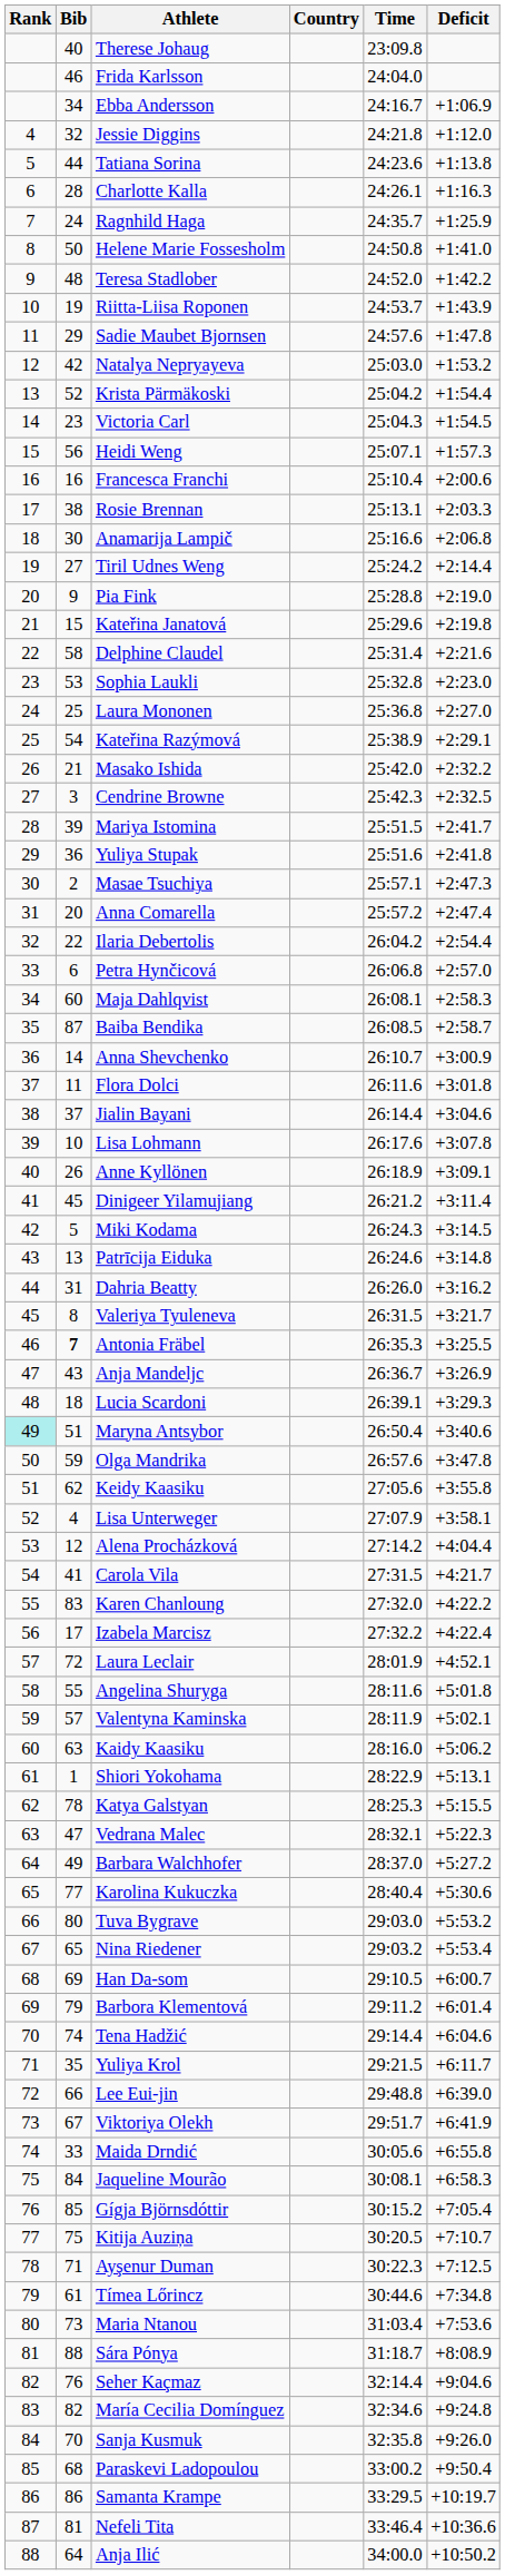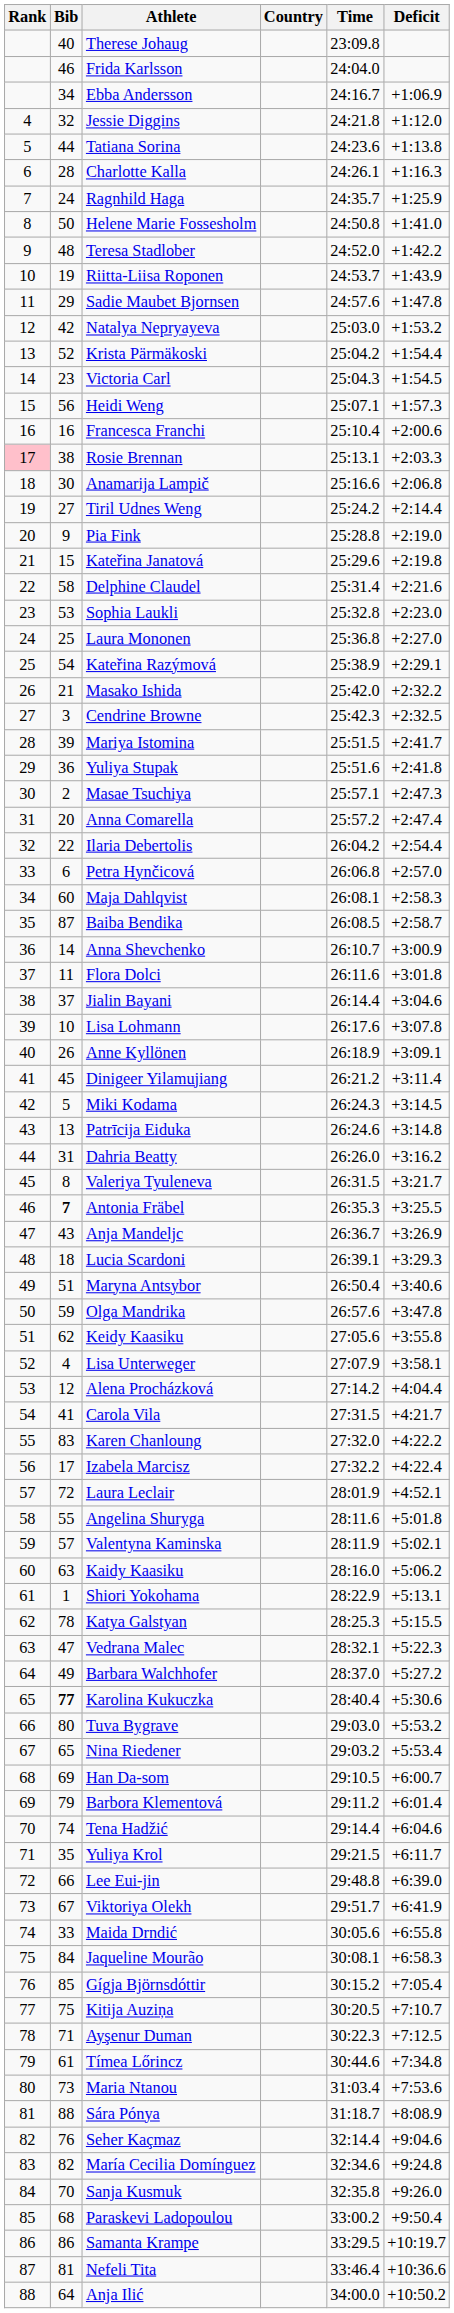 <table class="wikitable sortable" style="text-align:center">
 <tr>
 <th>Rank</th>
 <th>Bib</th>
 <th>Athlete</th>
 <th>Country</th>
 <th>Time</th>
 <th>Deficit</th>
 </tr>
 <tr>
 <td></td>
 <td>40</td>
 <td align=left><a href='#'>Therese Johaug</a></td>
 <td align=left></td>
 <td>23:09.8</td>
 <td></td>
 </tr>
 <tr>
 <td></td>
 <td>46</td>
 <td align=left><a href='#'>Frida Karlsson</a></td>
 <td align=left></td>
 <td>24:04.0</td>
 <td></td>
 </tr>
 <tr>
 <td></td>
 <td>34</td>
 <td align=left><a href='#'>Ebba Andersson</a></td>
 <td align=left></td>
 <td>24:16.7</td>
 <td>+1:06.9</td>
 </tr>
 <tr>
 <td>4</td>
 <td>32</td>
 <td align=left><a href='#'>Jessie Diggins</a></td>
 <td align=left></td>
 <td>24:21.8</td>
 <td>+1:12.0</td>
 </tr>
 <tr>
 <td>5</td>
 <td>44</td>
 <td align=left><a href='#'>Tatiana Sorina</a></td>
 <td align=left></td>
 <td>24:23.6</td>
 <td>+1:13.8</td>
 </tr>
 <tr>
 <td>6</td>
 <td>28</td>
 <td align=left><a href='#'>Charlotte Kalla</a></td>
 <td align=left></td>
 <td>24:26.1</td>
 <td>+1:16.3</td>
 </tr>
 <tr>
 <td>7</td>
 <td>24</td>
 <td align=left><a href='#'>Ragnhild Haga</a></td>
 <td align=left></td>
 <td>24:35.7</td>
 <td>+1:25.9</td>
 </tr>
 <tr>
 <td>8</td>
 <td>50</td>
 <td align=left><a href='#'>Helene Marie Fossesholm</a></td>
 <td align=left></td>
 <td>24:50.8</td>
 <td>+1:41.0</td>
 </tr>
 <tr>
 <td>9</td>
 <td>48</td>
 <td align=left><a href='#'>Teresa Stadlober</a></td>
 <td align=left></td>
 <td>24:52.0</td>
 <td>+1:42.2</td>
 </tr>
 <tr>
 <td>10</td>
 <td>19</td>
 <td align=left><a href='#'>Riitta-Liisa Roponen</a></td>
 <td align=left></td>
 <td>24:53.7</td>
 <td>+1:43.9</td>
 </tr>
 <tr>
 <td>11</td>
 <td>29</td>
 <td align=left><a href='#'>Sadie Maubet Bjornsen</a></td>
 <td align=left></td>
 <td>24:57.6</td>
 <td>+1:47.8</td>
 </tr>
 <tr>
 <td>12</td>
 <td>42</td>
 <td align=left><a href='#'>Natalya Nepryayeva</a></td>
 <td align=left></td>
 <td>25:03.0</td>
 <td>+1:53.2</td>
 </tr>
 <tr>
 <td>13</td>
 <td>52</td>
 <td align=left><a href='#'>Krista Pärmäkoski</a></td>
 <td align=left></td>
 <td>25:04.2</td>
 <td>+1:54.4</td>
 </tr>
 <tr>
 <td>14</td>
 <td>23</td>
 <td align=left><a href='#'>Victoria Carl</a></td>
 <td align=left></td>
 <td>25:04.3</td>
 <td>+1:54.5</td>
 </tr>
 <tr>
 <td>15</td>
 <td>56</td>
 <td align=left><a href='#'>Heidi Weng</a></td>
 <td align=left></td>
 <td>25:07.1</td>
 <td>+1:57.3</td>
 </tr>
 <tr>
 <td>16</td>
 <td>16</td>
 <td align=left><a href='#'>Francesca Franchi</a></td>
 <td align=left></td>
 <td>25:10.4</td>
 <td>+2:00.6</td>
 </tr>
 <tr>
-<td>17</td>
+<td style="background: pink;">17</td>
 <td>38</td>
 <td align=left><a href='#'>Rosie Brennan</a></td>
 <td align=left></td>
 <td>25:13.1</td>
 <td>+2:03.3</td>
 </tr>
 <tr>
 <td>18</td>
 <td>30</td>
 <td align=left><a href='#'>Anamarija Lampič</a></td>
 <td align=left></td>
 <td>25:16.6</td>
 <td>+2:06.8</td>
 </tr>
 <tr>
 <td>19</td>
 <td>27</td>
 <td align=left><a href='#'>Tiril Udnes Weng</a></td>
 <td align=left></td>
 <td>25:24.2</td>
 <td>+2:14.4</td>
 </tr>
 <tr>
 <td>20</td>
 <td>9</td>
 <td align=left><a href='#'>Pia Fink</a></td>
 <td align=left></td>
 <td>25:28.8</td>
 <td>+2:19.0</td>
 </tr>
 <tr>
 <td>21</td>
 <td>15</td>
 <td align=left><a href='#'>Kateřina Janatová</a></td>
 <td align=left></td>
 <td>25:29.6</td>
 <td>+2:19.8</td>
 </tr>
 <tr>
 <td>22</td>
 <td>58</td>
 <td align=left><a href='#'>Delphine Claudel</a></td>
 <td align=left></td>
 <td>25:31.4</td>
 <td>+2:21.6</td>
 </tr>
 <tr>
 <td>23</td>
 <td>53</td>
 <td align=left><a href='#'>Sophia Laukli</a></td>
 <td align=left></td>
 <td>25:32.8</td>
 <td>+2:23.0</td>
 </tr>
 <tr>
 <td>24</td>
 <td>25</td>
 <td align=left><a href='#'>Laura Mononen</a></td>
 <td align=left></td>
 <td>25:36.8</td>
 <td>+2:27.0</td>
 </tr>
 <tr>
 <td>25</td>
 <td>54</td>
 <td align=left><a href='#'>Kateřina Razýmová</a></td>
 <td align=left></td>
 <td>25:38.9</td>
 <td>+2:29.1</td>
 </tr>
 <tr>
 <td>26</td>
 <td>21</td>
 <td align=left><a href='#'>Masako Ishida</a></td>
 <td align=left></td>
 <td>25:42.0</td>
 <td>+2:32.2</td>
 </tr>
 <tr>
 <td>27</td>
 <td>3</td>
 <td align=left><a href='#'>Cendrine Browne</a></td>
 <td align=left></td>
 <td>25:42.3</td>
 <td>+2:32.5</td>
 </tr>
 <tr>
 <td>28</td>
 <td>39</td>
 <td align=left><a href='#'>Mariya Istomina</a></td>
 <td align=left></td>
 <td>25:51.5</td>
 <td>+2:41.7</td>
 </tr>
 <tr>
 <td>29</td>
 <td>36</td>
 <td align=left><a href='#'>Yuliya Stupak</a></td>
 <td align=left></td>
 <td>25:51.6</td>
 <td>+2:41.8</td>
 </tr>
 <tr>
 <td>30</td>
 <td>2</td>
 <td align=left><a href='#'>Masae Tsuchiya</a></td>
 <td align=left></td>
 <td>25:57.1</td>
 <td>+2:47.3</td>
 </tr>
 <tr>
 <td>31</td>
 <td>20</td>
 <td align=left><a href='#'>Anna Comarella</a></td>
 <td align=left></td>
 <td>25:57.2</td>
 <td>+2:47.4</td>
 </tr>
 <tr>
 <td>32</td>
 <td>22</td>
 <td align=left><a href='#'>Ilaria Debertolis</a></td>
 <td align=left></td>
 <td>26:04.2</td>
 <td>+2:54.4</td>
 </tr>
 <tr>
 <td>33</td>
 <td>6</td>
 <td align=left><a href='#'>Petra Hynčicová</a></td>
 <td align=left></td>
 <td>26:06.8</td>
 <td>+2:57.0</td>
 </tr>
 <tr>
 <td>34</td>
 <td>60</td>
 <td align=left><a href='#'>Maja Dahlqvist</a></td>
 <td align=left></td>
 <td>26:08.1</td>
 <td>+2:58.3</td>
 </tr>
 <tr>
 <td>35</td>
 <td>87</td>
 <td align=left><a href='#'>Baiba Bendika</a></td>
 <td align=left></td>
 <td>26:08.5</td>
 <td>+2:58.7</td>
 </tr>
 <tr>
 <td>36</td>
 <td>14</td>
 <td align=left><a href='#'>Anna Shevchenko</a></td>
 <td align=left></td>
 <td>26:10.7</td>
 <td>+3:00.9</td>
 </tr>
 <tr>
 <td>37</td>
 <td>11</td>
 <td align=left><a href='#'>Flora Dolci</a></td>
 <td align=left></td>
 <td>26:11.6</td>
 <td>+3:01.8</td>
 </tr>
 <tr>
 <td>38</td>
 <td>37</td>
 <td align=left><a href='#'>Jialin Bayani</a></td>
 <td align=left></td>
 <td>26:14.4</td>
 <td>+3:04.6</td>
 </tr>
 <tr>
 <td>39</td>
 <td>10</td>
 <td align=left><a href='#'>Lisa Lohmann</a></td>
 <td align=left></td>
 <td>26:17.6</td>
 <td>+3:07.8</td>
 </tr>
 <tr>
 <td>40</td>
 <td>26</td>
 <td align=left><a href='#'>Anne Kyllönen</a></td>
 <td align=left></td>
 <td>26:18.9</td>
 <td>+3:09.1</td>
 </tr>
 <tr>
 <td>41</td>
 <td>45</td>
 <td align=left><a href='#'>Dinigeer Yilamujiang</a></td>
 <td align=left></td>
 <td>26:21.2</td>
 <td>+3:11.4</td>
 </tr>
 <tr>
 <td>42</td>
 <td>5</td>
 <td align=left><a href='#'>Miki Kodama</a></td>
 <td align=left></td>
 <td>26:24.3</td>
 <td>+3:14.5</td>
 </tr>
 <tr>
 <td>43</td>
 <td>13</td>
 <td align=left><a href='#'>Patrīcija Eiduka</a></td>
 <td align=left></td>
 <td>26:24.6</td>
 <td>+3:14.8</td>
 </tr>
 <tr>
 <td>44</td>
 <td>31</td>
 <td align=left><a href='#'>Dahria Beatty</a></td>
 <td align=left></td>
 <td>26:26.0</td>
 <td>+3:16.2</td>
 </tr>
 <tr>
 <td>45</td>
 <td>8</td>
 <td align=left><a href='#'>Valeriya Tyuleneva</a></td>
 <td align=left></td>
 <td>26:31.5</td>
 <td>+3:21.7</td>
 </tr>
 <tr>
 <td>46</td>
 <td><strong>7</strong></td>
 <td align=left><a href='#'>Antonia Fräbel</a></td>
 <td align=left></td>
 <td>26:35.3</td>
 <td>+3:25.5</td>
 </tr>
 <tr>
 <td>47</td>
 <td>43</td>
 <td align=left><a href='#'>Anja Mandeljc</a></td>
 <td align=left></td>
 <td>26:36.7</td>
 <td>+3:26.9</td>
 </tr>
 <tr>
 <td>48</td>
 <td>18</td>
 <td align=left><a href='#'>Lucia Scardoni</a></td>
 <td align=left></td>
 <td>26:39.1</td>
 <td>+3:29.3</td>
 </tr>
 <tr>
-<td style="background: paleturquoise;">49</td>
+<td>49</td>
 <td>51</td>
 <td align=left><a href='#'>Maryna Antsybor</a></td>
 <td align=left></td>
 <td>26:50.4</td>
 <td>+3:40.6</td>
 </tr>
 <tr>
 <td>50</td>
 <td>59</td>
 <td align=left><a href='#'>Olga Mandrika</a></td>
 <td align=left></td>
 <td>26:57.6</td>
 <td>+3:47.8</td>
 </tr>
 <tr>
 <td>51</td>
 <td>62</td>
 <td align=left><a href='#'>Keidy Kaasiku</a></td>
 <td align=left></td>
 <td>27:05.6</td>
 <td>+3:55.8</td>
 </tr>
 <tr>
 <td>52</td>
 <td>4</td>
 <td align=left><a href='#'>Lisa Unterweger</a></td>
 <td align=left></td>
 <td>27:07.9</td>
 <td>+3:58.1</td>
 </tr>
 <tr>
 <td>53</td>
 <td>12</td>
 <td align=left><a href='#'>Alena Procházková</a></td>
 <td align=left></td>
 <td>27:14.2</td>
 <td>+4:04.4</td>
 </tr>
 <tr>
 <td>54</td>
 <td>41</td>
 <td align=left><a href='#'>Carola Vila</a></td>
 <td align=left></td>
 <td>27:31.5</td>
 <td>+4:21.7</td>
 </tr>
 <tr>
 <td>55</td>
 <td>83</td>
 <td align=left><a href='#'>Karen Chanloung</a></td>
 <td align=left></td>
 <td>27:32.0</td>
 <td>+4:22.2</td>
 </tr>
 <tr>
 <td>56</td>
 <td>17</td>
 <td align=left><a href='#'>Izabela Marcisz</a></td>
 <td align=left></td>
 <td>27:32.2</td>
 <td>+4:22.4</td>
 </tr>
 <tr>
 <td>57</td>
 <td>72</td>
 <td align=left><a href='#'>Laura Leclair</a></td>
 <td align=left></td>
 <td>28:01.9</td>
 <td>+4:52.1</td>
 </tr>
 <tr>
 <td>58</td>
 <td>55</td>
 <td align=left><a href='#'>Angelina Shuryga</a></td>
 <td align=left></td>
 <td>28:11.6</td>
 <td>+5:01.8</td>
 </tr>
 <tr>
 <td>59</td>
 <td>57</td>
 <td align=left><a href='#'>Valentyna Kaminska</a></td>
 <td align=left></td>
 <td>28:11.9</td>
 <td>+5:02.1</td>
 </tr>
 <tr>
 <td>60</td>
 <td>63</td>
 <td align=left><a href='#'>Kaidy Kaasiku</a></td>
 <td align=left></td>
 <td>28:16.0</td>
 <td>+5:06.2</td>
 </tr>
 <tr>
 <td>61</td>
 <td>1</td>
 <td align=left><a href='#'>Shiori Yokohama</a></td>
 <td align=left></td>
 <td>28:22.9</td>
 <td>+5:13.1</td>
 </tr>
 <tr>
 <td>62</td>
 <td>78</td>
 <td align=left><a href='#'>Katya Galstyan</a></td>
 <td align=left></td>
 <td>28:25.3</td>
 <td>+5:15.5</td>
 </tr>
 <tr>
 <td>63</td>
 <td>47</td>
 <td align=left><a href='#'>Vedrana Malec</a></td>
 <td align=left></td>
 <td>28:32.1</td>
 <td>+5:22.3</td>
 </tr>
 <tr>
 <td>64</td>
 <td>49</td>
 <td align=left><a href='#'>Barbara Walchhofer</a></td>
 <td align=left></td>
 <td>28:37.0</td>
 <td>+5:27.2</td>
 </tr>
 <tr>
 <td>65</td>
-<td>77</td>
+<td><strong>77</strong></td>
 <td align=left><a href='#'>Karolina Kukuczka</a></td>
 <td align=left></td>
 <td>28:40.4</td>
 <td>+5:30.6</td>
 </tr>
 <tr>
 <td>66</td>
 <td>80</td>
 <td align=left><a href='#'>Tuva Bygrave</a></td>
 <td align=left></td>
 <td>29:03.0</td>
 <td>+5:53.2</td>
 </tr>
 <tr>
 <td>67</td>
 <td>65</td>
 <td align=left><a href='#'>Nina Riedener</a></td>
 <td align=left></td>
 <td>29:03.2</td>
 <td>+5:53.4</td>
 </tr>
 <tr>
 <td>68</td>
 <td>69</td>
 <td align=left><a href='#'>Han Da-som</a></td>
 <td align=left></td>
 <td>29:10.5</td>
 <td>+6:00.7</td>
 </tr>
 <tr>
 <td>69</td>
 <td>79</td>
 <td align=left><a href='#'>Barbora Klementová</a></td>
 <td align=left></td>
 <td>29:11.2</td>
 <td>+6:01.4</td>
 </tr>
 <tr>
 <td>70</td>
 <td>74</td>
 <td align=left><a href='#'>Tena Hadžić</a></td>
 <td align=left></td>
 <td>29:14.4</td>
 <td>+6:04.6</td>
 </tr>
 <tr>
 <td>71</td>
 <td>35</td>
 <td align=left><a href='#'>Yuliya Krol</a></td>
 <td align=left></td>
 <td>29:21.5</td>
 <td>+6:11.7</td>
 </tr>
 <tr>
 <td>72</td>
 <td>66</td>
 <td align=left><a href='#'>Lee Eui-jin</a></td>
 <td align=left></td>
 <td>29:48.8</td>
 <td>+6:39.0</td>
 </tr>
 <tr>
 <td>73</td>
 <td>67</td>
 <td align=left><a href='#'>Viktoriya Olekh</a></td>
 <td align=left></td>
 <td>29:51.7</td>
 <td>+6:41.9</td>
 </tr>
 <tr>
 <td>74</td>
 <td>33</td>
 <td align=left><a href='#'>Maida Drndić</a></td>
 <td align=left></td>
 <td>30:05.6</td>
 <td>+6:55.8</td>
 </tr>
 <tr>
 <td>75</td>
 <td>84</td>
 <td align=left><a href='#'>Jaqueline Mourão</a></td>
 <td align=left></td>
 <td>30:08.1</td>
 <td>+6:58.3</td>
 </tr>
 <tr>
 <td>76</td>
 <td>85</td>
 <td align=left><a href='#'>Gígja Björnsdóttir</a></td>
 <td align=left></td>
 <td>30:15.2</td>
 <td>+7:05.4</td>
 </tr>
 <tr>
 <td>77</td>
 <td>75</td>
 <td align=left><a href='#'>Kitija Auziņa</a></td>
 <td align=left></td>
 <td>30:20.5</td>
 <td>+7:10.7</td>
 </tr>
 <tr>
 <td>78</td>
 <td>71</td>
 <td align=left><a href='#'>Ayşenur Duman</a></td>
 <td align=left></td>
 <td>30:22.3</td>
 <td>+7:12.5</td>
 </tr>
 <tr>
 <td>79</td>
 <td>61</td>
 <td align=left><a href='#'>Tímea Lőrincz</a></td>
 <td align=left></td>
 <td>30:44.6</td>
 <td>+7:34.8</td>
 </tr>
 <tr>
 <td>80</td>
 <td>73</td>
 <td align=left><a href='#'>Maria Ntanou</a></td>
 <td align=left></td>
 <td>31:03.4</td>
 <td>+7:53.6</td>
 </tr>
 <tr>
 <td>81</td>
 <td>88</td>
 <td align=left><a href='#'>Sára Pónya</a></td>
 <td align=left></td>
 <td>31:18.7</td>
 <td>+8:08.9</td>
 </tr>
 <tr>
 <td>82</td>
 <td>76</td>
 <td align=left><a href='#'>Seher Kaçmaz</a></td>
 <td align=left></td>
 <td>32:14.4</td>
 <td>+9:04.6</td>
 </tr>
 <tr>
 <td>83</td>
 <td>82</td>
 <td align=left><a href='#'>María Cecilia Domínguez</a></td>
 <td align=left></td>
 <td>32:34.6</td>
 <td>+9:24.8</td>
 </tr>
 <tr>
 <td>84</td>
 <td>70</td>
 <td align=left><a href='#'>Sanja Kusmuk</a></td>
 <td align=left></td>
 <td>32:35.8</td>
 <td>+9:26.0</td>
 </tr>
 <tr>
 <td>85</td>
 <td>68</td>
 <td align=left><a href='#'>Paraskevi Ladopoulou</a></td>
 <td align=left></td>
 <td>33:00.2</td>
 <td>+9:50.4</td>
 </tr>
 <tr>
 <td>86</td>
 <td>86</td>
 <td align=left><a href='#'>Samanta Krampe</a></td>
 <td align=left></td>
 <td>33:29.5</td>
 <td>+10:19.7</td>
 </tr>
 <tr>
 <td>87</td>
 <td>81</td>
 <td align=left><a href='#'>Nefeli Tita</a></td>
 <td align=left></td>
 <td>33:46.4</td>
 <td>+10:36.6</td>
 </tr>
 <tr>
 <td>88</td>
 <td>64</td>
 <td align=left><a href='#'>Anja Ilić</a></td>
 <td align=left></td>
 <td>34:00.0</td>
 <td>+10:50.2</td>
 </tr>
 </table>
